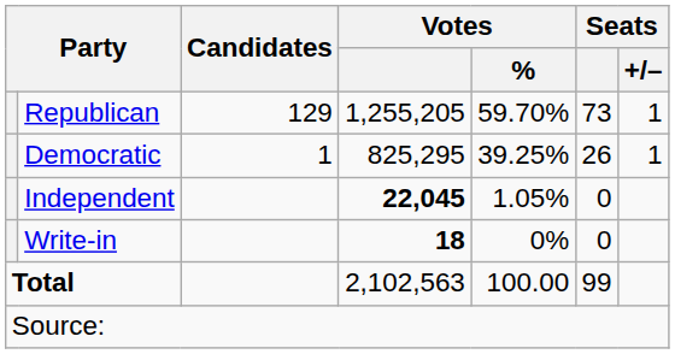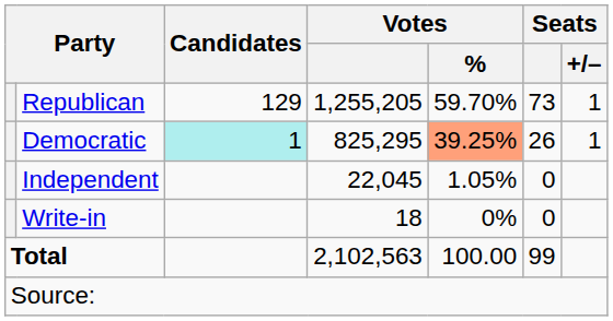 <table class="wikitable">
 <tr>
 <th colspan="2" rowspan="2">Party</th>
 <th rowspan="2">Candidates</th>
 <th colspan="2">Votes</th>
 <th colspan="4">Seats</th>
 </tr>
 <tr>
 <th></th>
 <th>%</th>
 <th></th>
 <th>+/–</th>
 </tr>
 <tr>
 <th style="background-color:"></th>
 <td><a href='#'>Republican</a></td>
 <td align="right">129</td>
 <td align="right">1,255,205</td>
 <td align="right">59.70%</td>
 <td align="right">73</td>
 <td align="right"> 1</td>
 </tr>
 <tr>
 <th style="background-color:"></th>
 <td><a href='#'>Democratic</a></td>
-<td align="right">1</td>
+<td align="right" style="background: paleturquoise;">1</td>
 <td align="right">825,295</td>
-<td align="right">39.25%</td>
+<td align="right" style="background: lightsalmon;">39.25%</td>
 <td align="right">26</td>
 <td align="right"> 1</td>
 </tr>
 <tr>
 <th style="background-color:"></th>
 <td><a href='#'>Independent</a></td>
 <td align="right"></td>
-<td align="right"><strong>22,045</strong></td>
+<td align="right">22,045</td>
 <td align="right">1.05%</td>
 <td align="right">0</td>
 <td align="right"></td>
 </tr>
 <tr>
 <th style="background-color:"></th>
 <td><a href='#'>Write-in</a></td>
 <td align="right"></td>
-<td align="right"><strong>18</strong></td>
+<td align="right">18</td>
 <td align="right">0%</td>
 <td align="right">0</td>
 <td align="right"></td>
 </tr>
 <tr>
 <td colspan="2"><strong>Total</strong></td>
 <td align="right"></td>
 <td align="right">2,102,563</td>
 <td align="right">100.00</td>
 <td align="right">99</td>
 <td align="right"></td>
 </tr>
 <tr>
 <td colspan="10">Source: </td>
 </tr>
 </table>
